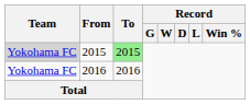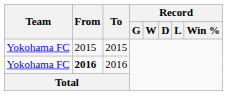 <table class="wikitable" style="text-align: center">
 <tr>
 <th rowspan="2">Team</th>
 <th rowspan="2">From</th>
 <th rowspan="2">To</th>
 <th colspan="5">Record</th>
 </tr>
 <tr>
 <th>G</th>
 <th>W</th>
 <th>D</th>
 <th>L</th>
 <th>Win %</th>
 </tr>
 <tr>
-<td align="left" style="background: lightgrey;"><a href='#'>Yokohama FC</a></td>
+<td align="left"><a href='#'>Yokohama FC</a></td>
 <td align="left">2015</td>
-<td align="left" style="background: lightgreen;">2015<br></td>
+<td align="left">2015<br></td>
 </tr>
 <tr>
 <td align="left"><a href='#'>Yokohama FC</a></td>
-<td align="left">2016</td>
+<td align="left"><strong>2016</strong></td>
 <td align="left">2016<br></td>
 </tr>
 <tr>
 <th colspan="3">Total<br></th>
 </tr>
 </table>
